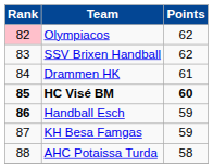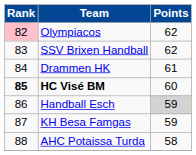 <table class="wikitable" style="text-align: center">
 <tr>
 <th style="color:#FFFFFF; background:#034694">Rank</th>
 <th style="color:#FFFFFF; background:#034694">Team</th>
 <th style="color:#FFFFFF; background:#034694">Points</th>
 </tr>
 <tr>
 <td style="background: pink;">82</td>
 <td align=left> <a href='#'>Olympiacos</a></td>
 <td>62</td>
 </tr>
 <tr>
 <td>83</td>
 <td align=left> <a href='#'>SSV Brixen Handball</a></td>
 <td>62</td>
 </tr>
 <tr>
 <td>84</td>
 <td align=left> <a href='#'>Drammen HK</a></td>
 <td>61</td>
 </tr>
 <tr>
 <td><strong>85</strong></td>
 <td align=left> <strong>HC Visé BM</strong></td>
-<td><strong>60</strong></td>
+<td>60</td>
 </tr>
 <tr>
-<td><strong>86</strong></td>
+<td>86</td>
 <td align=left> <a href='#'>Handball Esch</a></td>
-<td>59</td>
+<td style="background: lightgrey;">59</td>
 </tr>
 <tr>
 <td>87</td>
 <td align=left> <a href='#'>KH Besa Famgas</a></td>
 <td>59</td>
 </tr>
 <tr>
 <td>88</td>
 <td align=left> <a href='#'>AHC Potaissa Turda</a></td>
 <td>58</td>
 </tr>
 <tr>
 </tr>
 </table>
